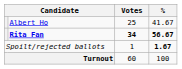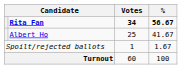 <table class=wikitable style="font-size: 90%;">
 <tr>
 <th colspan="2">Candidate</th>
 <th style="width: 50px">Votes</th>
 <th style="width: 40px">%</th>
 </tr>
 <tr>
 <th style="background-color: "></th>
+<td style="width: 170px"><strong><a href='#'>Rita Fan</a></strong> </td>
+<td align="center"><strong>34</strong></td>
+<td align="center"><strong>56.67</strong></td>
+</tr>
+<tr>
+<th style="background-color: "></th>
 <td style="width: 170px"><a href='#'>Albert Ho</a></td>
 <td align="center">25</td>
 <td align="center">41.67</td>
 </tr>
 <tr>
-<th style="background-color: "></th>
-<td style="width: 170px"><strong><a href='#'>Rita Fan</a></strong> </td>
-<td align="center"><strong>34</strong></td>
-<td align="center"><strong>56.67</strong></td>
-</tr>
-<tr>
 <td colspan="2"><em>Spoilt/rejected ballots</em></td>
 <td align="center">1</td>
-<td align="center"><strong>1.67</strong></td>
+<td align="center">1.67</td>
 </tr>
 <tr>
 <th colspan="2" style="text-align:right">Turnout</th>
 <td align="center">60</td>
 <td align="center">100</td>
 </tr>
 </table>
